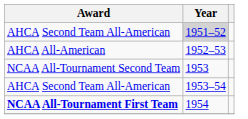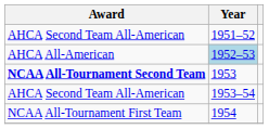 <table class="wikitable">
 <tr>
 <th>Award</th>
 <th>Year</th>
 <th></th>
 </tr>
 <tr>
 <td><a href='#'>AHCA</a> <a href='#'>Second Team All-American</a></td>
-<td style="background: lightgrey;"><a href='#'>1951–52</a></td>
+<td><a href='#'>1951–52</a></td>
 <td></td>
 </tr>
 <tr>
 <td><a href='#'>AHCA</a> <a href='#'>All-American</a></td>
-<td><a href='#'>1952–53</a></td>
+<td style="background: lightblue;"><a href='#'>1952–53</a></td>
 <td></td>
 </tr>
 <tr>
-<td><a href='#'>NCAA</a> <a href='#'>All-Tournament Second Team</a></td>
+<td><strong><a href='#'>NCAA</a> <a href='#'>All-Tournament Second Team</a></strong></td>
 <td><a href='#'>1953</a></td>
 <td></td>
 </tr>
 <tr>
 <td><a href='#'>AHCA</a> <a href='#'>Second Team All-American</a></td>
 <td><a href='#'>1953–54</a></td>
 <td></td>
 </tr>
 <tr>
-<td><strong><a href='#'>NCAA</a> <a href='#'>All-Tournament First Team</a></strong></td>
+<td><a href='#'>NCAA</a> <a href='#'>All-Tournament First Team</a></td>
 <td><a href='#'>1954</a></td>
 <td></td>
 </tr>
 <tr>
 </tr>
 </table>
